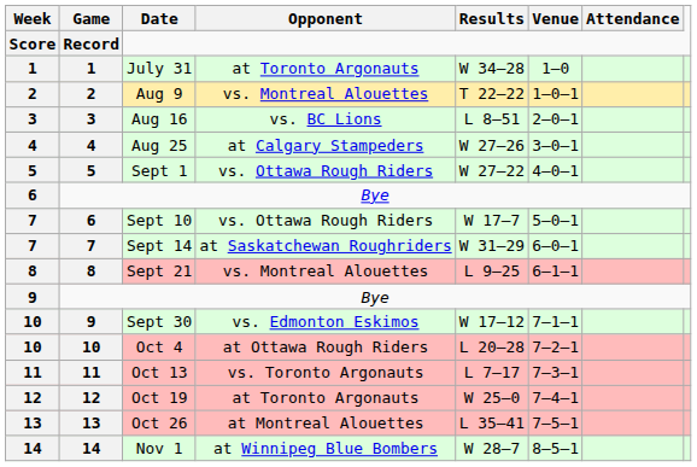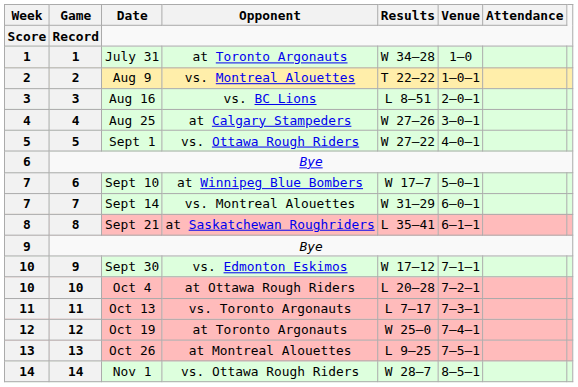 <table class="wikitable" style="text-align:center">
 <tr>
 <th>Week</th>
 <th>Game</th>
 <th>Date</th>
 <th>Opponent</th>
 <th>Results</th>
 <th>Venue</th>
 <th>Attendance</th>
 </tr>
 <tr>
 <th>Score</th>
 <th>Record</th>
 </tr>
 <tr style="background:#ddffdd">
 <th>1</th>
 <th>1</th>
 <td>July 31</td>
 <td>at <a href='#'>Toronto Argonauts</a></td>
 <td>W 34–28</td>
 <td>1–0</td>
 <td></td>
 <td></td>
 </tr>
 <tr style="background:#ffeeaa">
 <th>2</th>
 <th>2</th>
 <td>Aug 9</td>
 <td>vs. <a href='#'>Montreal Alouettes</a></td>
 <td>T 22–22</td>
 <td>1–0–1</td>
 <td></td>
 <td></td>
 </tr>
 <tr style="background:#ddffdd">
 <th>3</th>
 <th>3</th>
 <td>Aug 16</td>
 <td>vs. <a href='#'>BC Lions</a></td>
 <td>L 8–51</td>
 <td>2–0–1</td>
 <td></td>
 <td></td>
 </tr>
 <tr style="background:#ddffdd">
 <th>4</th>
 <th>4</th>
 <td>Aug 25</td>
 <td>at <a href='#'>Calgary Stampeders</a></td>
 <td>W 27–26</td>
 <td>3–0–1</td>
 <td></td>
 <td></td>
 </tr>
 <tr style="background:#ddffdd">
 <th>5</th>
 <th>5</th>
 <td>Sept 1</td>
 <td>vs. <a href='#'>Ottawa Rough Riders</a></td>
 <td>W 27–22</td>
 <td>4–0–1</td>
 <td></td>
 <td></td>
 </tr>
 <tr>
 <th>6</th>
 <td colspan="7"><em><a href='#'>Bye</a></em></td>
 </tr>
 <tr style="background:#ddffdd">
 <th>7</th>
 <th>6</th>
 <td>Sept 10</td>
-<td>vs. Ottawa Rough Riders</td>
+<td>at <a href='#'>Winnipeg Blue Bombers</a></td>
 <td>W 17–7</td>
 <td>5–0–1</td>
 <td></td>
 <td></td>
 </tr>
 <tr style="background:#ddffdd">
 <th>7</th>
 <th>7</th>
 <td>Sept 14</td>
-<td>at <a href='#'>Saskatchewan Roughriders</a></td>
+<td>vs. Montreal Alouettes</td>
 <td>W 31–29</td>
 <td>6–0–1</td>
 <td></td>
 <td></td>
 </tr>
 <tr style="background:#ffbbbb">
 <th>8</th>
 <th>8</th>
 <td>Sept 21</td>
-<td>vs. Montreal Alouettes</td>
-<td>L 9–25</td>
+<td>at <a href='#'>Saskatchewan Roughriders</a></td>
+<td>L 35–41</td>
 <td>6–1–1</td>
 <td></td>
 <td></td>
 </tr>
 <tr>
 <th>9</th>
 <td colspan="7"><em>Bye</em></td>
 </tr>
 <tr style="background:#ddffdd">
 <th>10</th>
 <th>9</th>
 <td>Sept 30</td>
 <td>vs. <a href='#'>Edmonton Eskimos</a></td>
 <td>W 17–12</td>
 <td>7–1–1</td>
 <td></td>
 <td></td>
 </tr>
 <tr style="background:#ffbbbb">
 <th>10</th>
 <th>10</th>
 <td>Oct 4</td>
 <td>at Ottawa Rough Riders</td>
 <td>L 20–28</td>
 <td>7–2–1</td>
 <td></td>
 <td></td>
 </tr>
 <tr style="background:#ffbbbb">
 <th>11</th>
 <th>11</th>
 <td>Oct 13</td>
 <td>vs. Toronto Argonauts</td>
 <td>L 7–17</td>
 <td>7–3–1</td>
 <td></td>
 <td></td>
 </tr>
 <tr style="background:#ffbbbb">
 <th>12</th>
 <th>12</th>
 <td>Oct 19</td>
 <td>at Toronto Argonauts</td>
 <td>W 25–0</td>
 <td>7–4–1</td>
 <td></td>
 <td></td>
 </tr>
 <tr style="background:#ffbbbb">
 <th>13</th>
 <th>13</th>
 <td>Oct 26</td>
 <td>at Montreal Alouettes</td>
-<td>L 35–41</td>
+<td>L 9–25</td>
 <td>7–5–1</td>
 <td></td>
 <td></td>
 </tr>
 <tr style="background:#ddffdd">
 <th>14</th>
 <th>14</th>
 <td>Nov 1</td>
-<td>at <a href='#'>Winnipeg Blue Bombers</a></td>
+<td>vs. Ottawa Rough Riders</td>
 <td>W 28–7</td>
 <td>8–5–1</td>
 <td></td>
 <td></td>
 </tr>
 </table>
